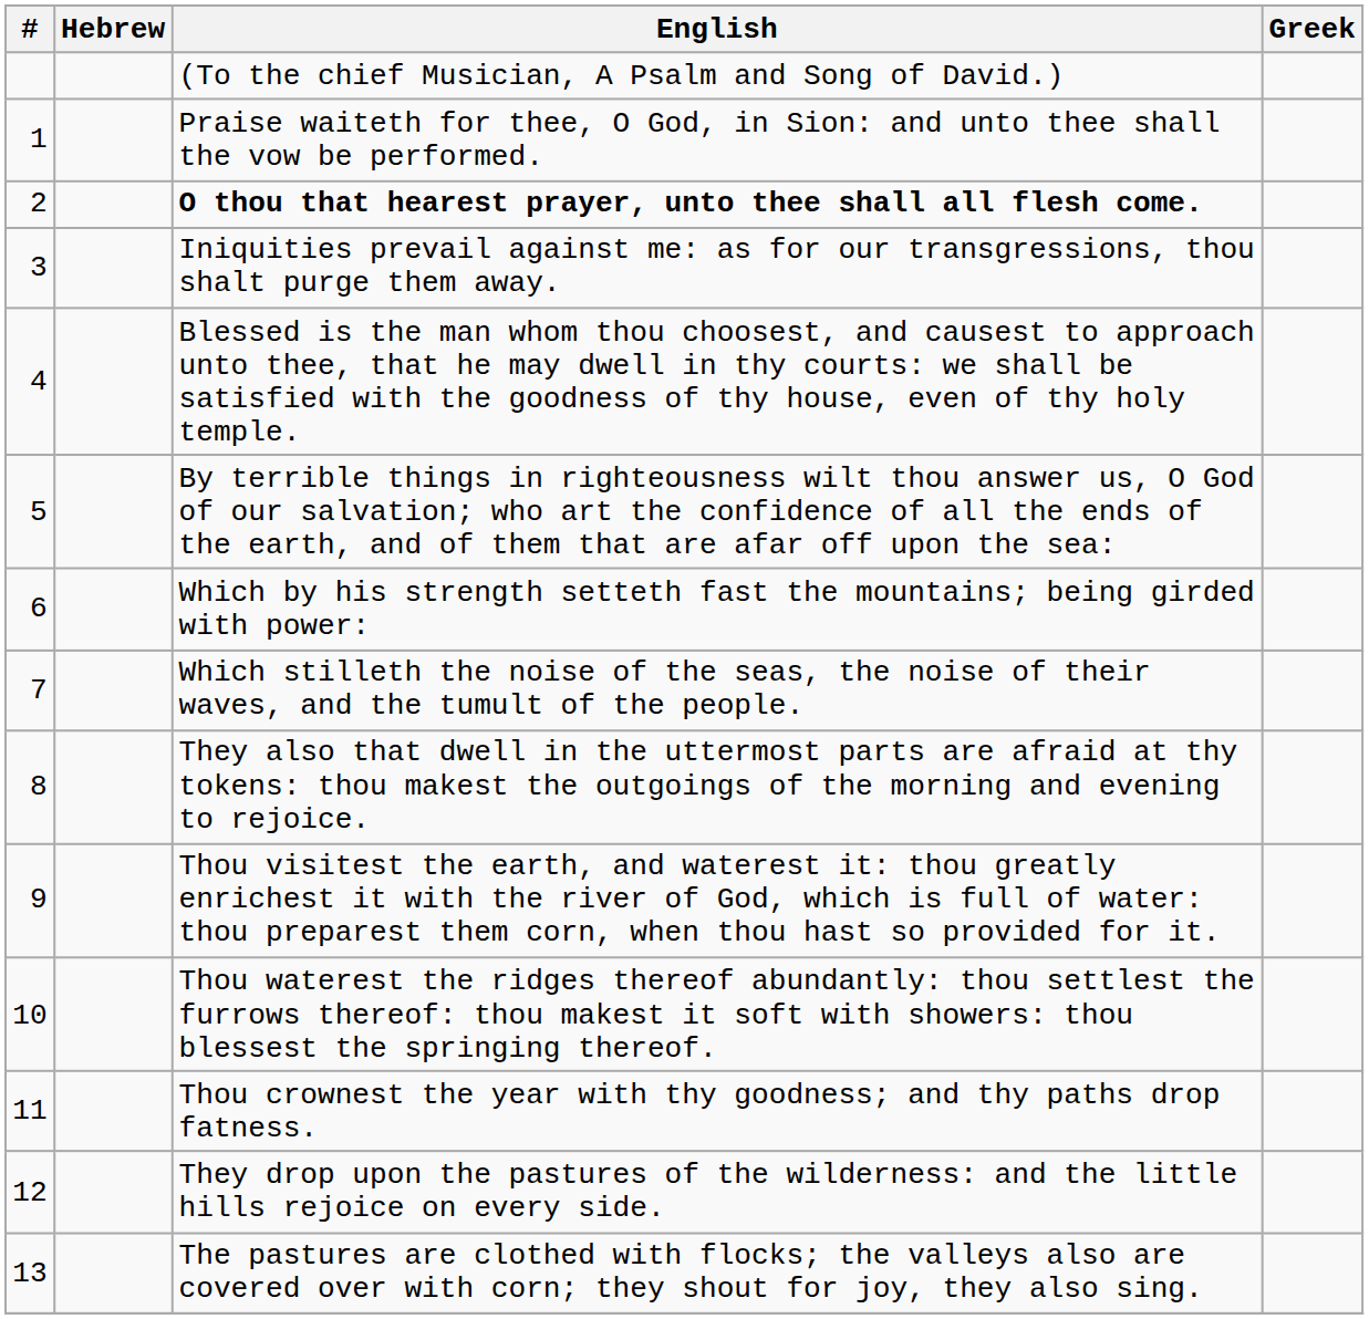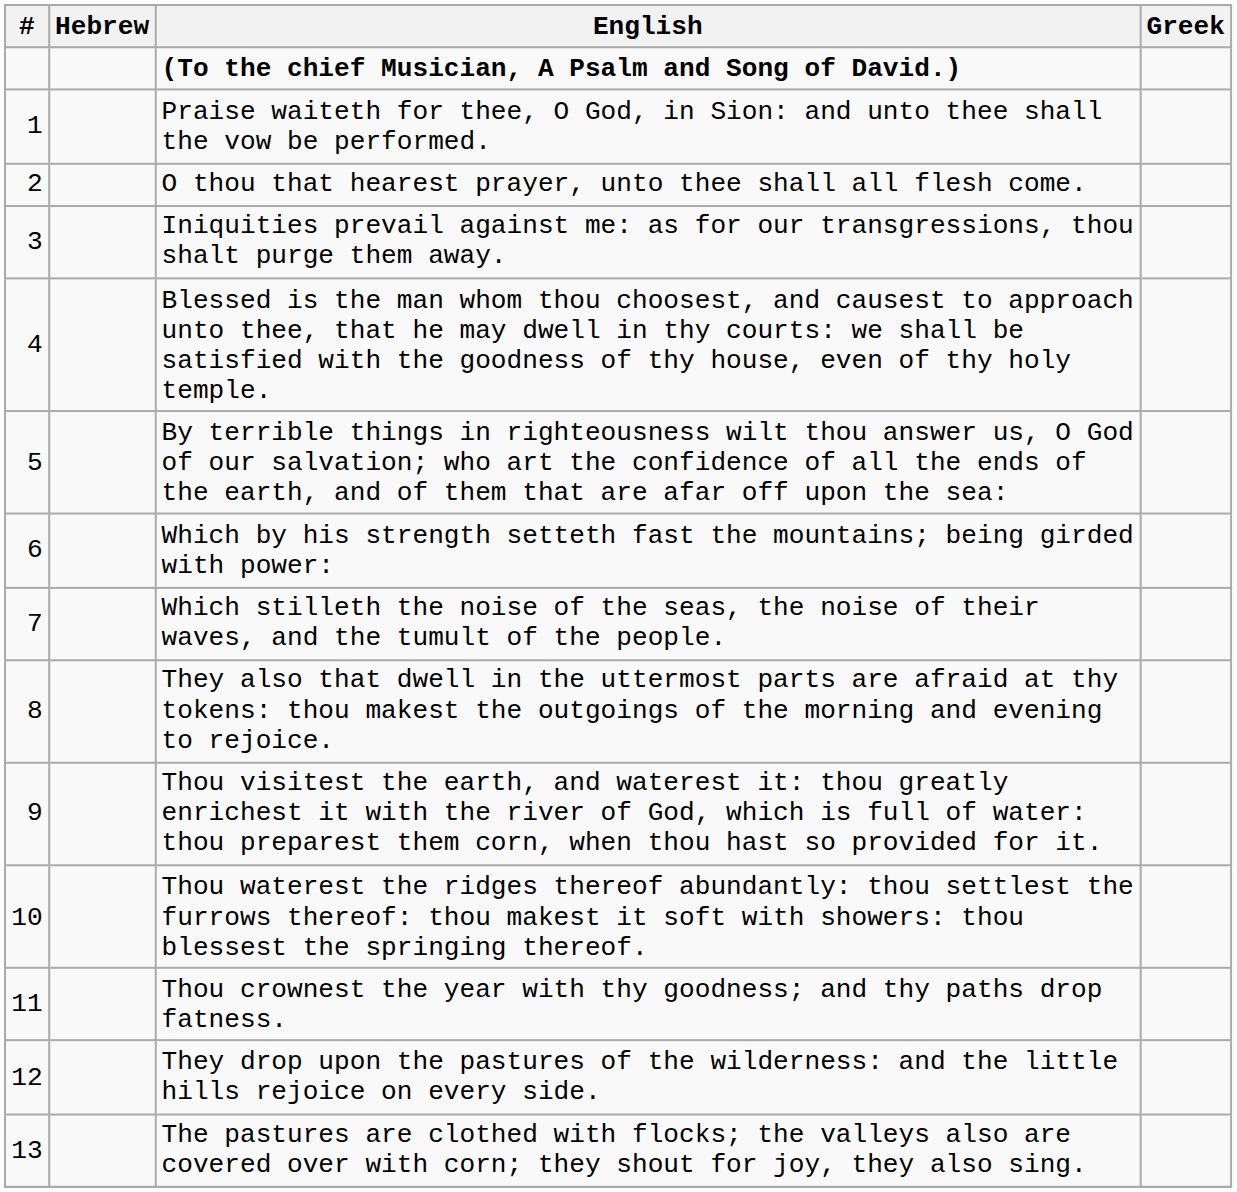 <table class=wikitable>
 <tr>
 <th>#</th>
 <th>Hebrew</th>
 <th>English</th>
 <th>Greek</th>
 </tr>
 <tr>
 <td style="text-align:right"></td>
 <td style="text-align:right"></td>
-<td>(To the chief Musician, A Psalm and Song of David.)</td>
+<td><strong>(To the chief Musician, A Psalm and Song of David.)</strong></td>
 <td></td>
 </tr>
 <tr>
 <td style="text-align:right">1</td>
 <td style="text-align:right"></td>
 <td>Praise waiteth for thee, O God, in Sion: and unto thee shall the vow be performed.</td>
 <td></td>
 </tr>
 <tr>
 <td style="text-align:right">2</td>
 <td style="text-align:right"></td>
-<td><strong>O thou that hearest prayer, unto thee shall all flesh come.</strong></td>
+<td>O thou that hearest prayer, unto thee shall all flesh come.</td>
 <td></td>
 </tr>
 <tr>
 <td style="text-align:right">3</td>
 <td style="text-align:right"></td>
 <td>Iniquities prevail against me: as for our transgressions, thou shalt purge them away.</td>
 <td></td>
 </tr>
 <tr>
 <td style="text-align:right">4</td>
 <td style="text-align:right"></td>
 <td>Blessed is the man whom thou choosest, and causest to approach unto thee, that he may dwell in thy courts: we shall be satisfied with the goodness of thy house, even of thy holy temple.</td>
 <td></td>
 </tr>
 <tr>
 <td style="text-align:right">5</td>
 <td style="text-align:right"></td>
 <td>By terrible things in righteousness wilt thou answer us, O God of our salvation; who art the confidence of all the ends of the earth, and of them that are afar off upon the sea:</td>
 <td></td>
 </tr>
 <tr>
 <td style="text-align:right">6</td>
 <td style="text-align:right"></td>
 <td>Which by his strength setteth fast the mountains; being girded with power:</td>
 <td></td>
 </tr>
 <tr>
 <td style="text-align:right">7</td>
 <td style="text-align:right"></td>
 <td>Which stilleth the noise of the seas, the noise of their waves, and the tumult of the people.</td>
 <td></td>
 </tr>
 <tr>
 <td style="text-align:right">8</td>
 <td style="text-align:right"></td>
 <td>They also that dwell in the uttermost parts are afraid at thy tokens: thou makest the outgoings of the morning and evening to rejoice.</td>
 <td></td>
 </tr>
 <tr>
 <td style="text-align:right">9</td>
 <td style="text-align:right"></td>
 <td>Thou visitest the earth, and waterest it: thou greatly enrichest it with the river of God, which is full of water: thou preparest them corn, when thou hast so provided for it.</td>
 <td></td>
 </tr>
 <tr>
 <td style="text-align:right">10</td>
 <td style="text-align:right"></td>
 <td>Thou waterest the ridges thereof abundantly: thou settlest the furrows thereof: thou makest it soft with showers: thou blessest the springing thereof.</td>
 <td></td>
 </tr>
 <tr>
 <td style="text-align:right">11</td>
 <td style="text-align:right"></td>
 <td>Thou crownest the year with thy goodness; and thy paths drop fatness.</td>
 <td></td>
 </tr>
 <tr>
 <td style="text-align:right">12</td>
 <td style="text-align:right"></td>
 <td>They drop upon the pastures of the wilderness: and the little hills rejoice on every side.</td>
 <td></td>
 </tr>
 <tr>
 <td style="text-align:right">13</td>
 <td style="text-align:right"></td>
 <td>The pastures are clothed with flocks; the valleys also are covered over with corn; they shout for joy, they also sing.</td>
 <td></td>
 </tr>
 <tr>
 </tr>
 </table>
